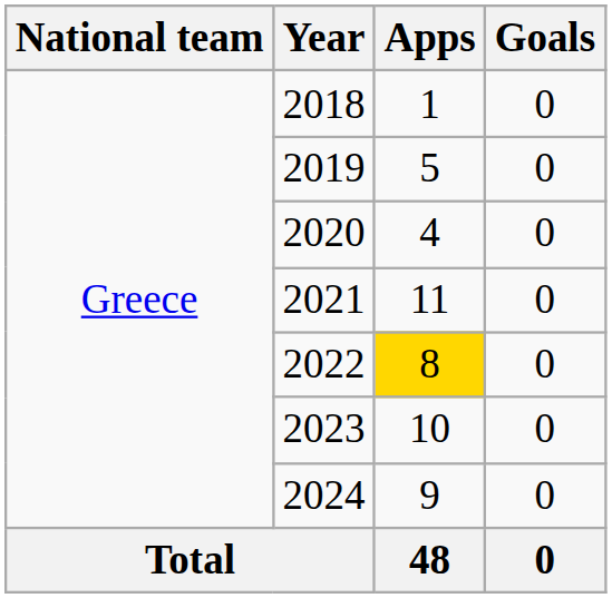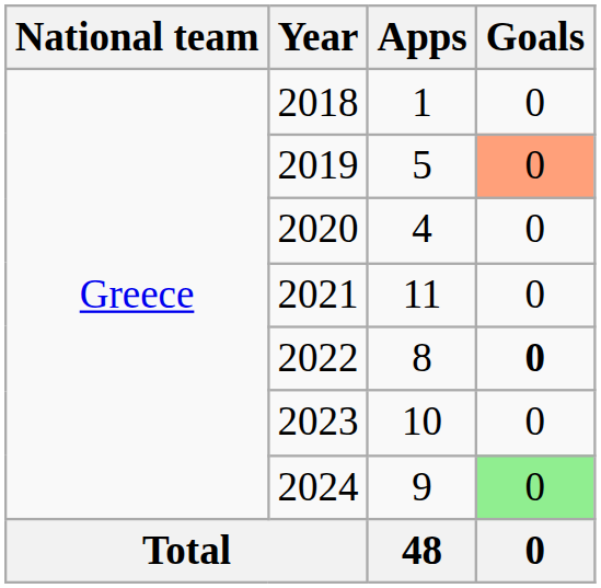 <table class="wikitable" style="text-align:center">
 <tr>
 <th>National team</th>
 <th>Year</th>
 <th>Apps</th>
 <th>Goals</th>
 </tr>
 <tr>
 <td rowspan="7"><a href='#'>Greece</a></td>
 <td>2018</td>
 <td>1</td>
 <td>0</td>
 </tr>
 <tr>
 <td>2019</td>
 <td>5</td>
-<td>0</td>
+<td style="background: lightsalmon;">0</td>
 </tr>
 <tr>
 <td>2020</td>
 <td>4</td>
 <td>0</td>
 </tr>
 <tr>
 <td>2021</td>
 <td>11</td>
 <td>0</td>
 </tr>
 <tr>
 <td>2022</td>
-<td style="background: gold;">8</td>
-<td>0</td>
+<td>8</td>
+<td><strong>0</strong></td>
 </tr>
 <tr>
 <td>2023</td>
 <td>10</td>
 <td>0</td>
 </tr>
 <tr>
 <td>2024</td>
 <td>9</td>
-<td>0</td>
+<td style="background: lightgreen;">0</td>
 </tr>
 <tr>
 <th colspan="2">Total</th>
 <th>48</th>
 <th>0</th>
 </tr>
 </table>
